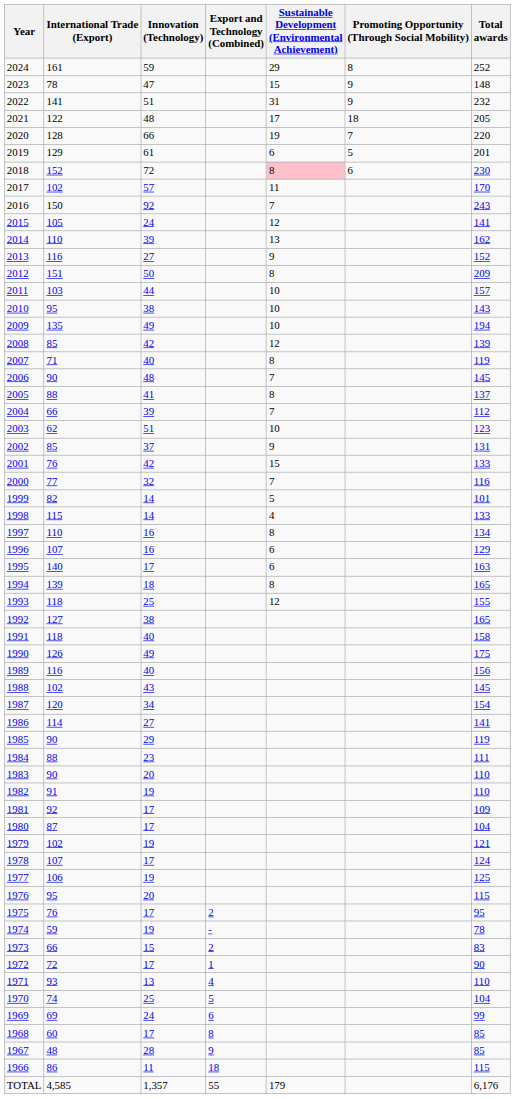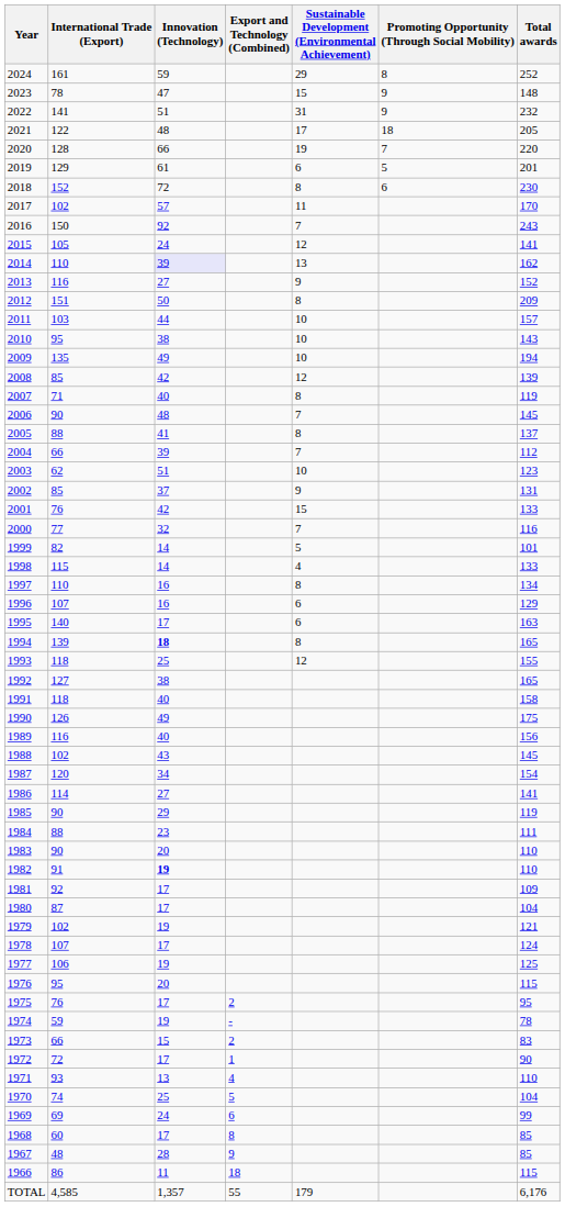 <table class="wikitable">
 <tr>
 <th>Year</th>
 <th Queen's Award for Enterprise: International Trade (Export)>International Trade<br>(Export)</th>
 <th Queen's Award for Enterprise: Innovation (Technology)>Innovation<br>(Technology)</th>
 <th Queen's Award for Enterprise: Export and Technology (Combined)>Export and<br>Technology<br>(Combined)</th>
 <th><a href='#'>Sustainable<br>Development<br>(Environmental<br>Achievement)</a></th>
 <th>Promoting Opportunity<br>(Through Social Mobility)</th>
 <th>Total<br>awards</th>
 </tr>
 <tr>
 <td>2024</td>
 <td>161</td>
 <td>59</td>
 <td></td>
 <td>29</td>
 <td>8</td>
 <td>252</td>
 </tr>
 <tr>
 <td>2023</td>
 <td>78</td>
 <td>47</td>
 <td></td>
 <td>15</td>
 <td>9</td>
 <td>148</td>
 </tr>
 <tr>
 <td>2022</td>
 <td>141</td>
 <td>51</td>
 <td></td>
 <td>31</td>
 <td>9</td>
 <td>232</td>
 </tr>
 <tr>
 <td>2021</td>
 <td>122</td>
 <td>48</td>
 <td></td>
 <td>17</td>
 <td>18</td>
 <td>205</td>
 </tr>
 <tr>
 <td>2020</td>
 <td>128</td>
 <td>66</td>
 <td></td>
 <td>19</td>
 <td>7</td>
 <td>220</td>
 </tr>
 <tr>
 <td>2019</td>
 <td>129</td>
 <td>61</td>
 <td></td>
 <td>6</td>
 <td>5</td>
 <td>201</td>
 </tr>
 <tr>
 <td>2018</td>
 <td><a href='#'>152</a></td>
 <td>72</td>
 <td></td>
-<td style="background: pink;">8</td>
+<td>8</td>
 <td>6</td>
 <td><a href='#'>230</a></td>
 </tr>
 <tr>
 <td>2017</td>
 <td><a href='#'>102</a></td>
 <td><a href='#'>57</a></td>
 <td></td>
 <td>11</td>
 <td></td>
 <td><a href='#'>170</a></td>
 </tr>
 <tr>
 <td>2016</td>
 <td>150</td>
 <td><a href='#'>92</a></td>
 <td></td>
 <td>7</td>
 <td></td>
 <td><a href='#'>243</a></td>
 </tr>
 <tr>
 <td><a href='#'>2015</a></td>
 <td><a href='#'>105</a></td>
 <td><a href='#'>24</a></td>
 <td></td>
 <td>12</td>
 <td></td>
 <td><a href='#'>141</a></td>
 </tr>
 <tr>
 <td><a href='#'>2014</a></td>
 <td><a href='#'>110</a></td>
-<td><a href='#'>39</a></td>
+<td style="background: lavender;"><a href='#'>39</a></td>
 <td></td>
 <td>13</td>
 <td></td>
 <td><a href='#'>162</a></td>
 </tr>
 <tr>
 <td><a href='#'>2013</a></td>
 <td><a href='#'>116</a></td>
 <td><a href='#'>27</a></td>
 <td></td>
 <td>9</td>
 <td></td>
 <td><a href='#'>152</a></td>
 </tr>
 <tr>
 <td><a href='#'>2012</a></td>
 <td><a href='#'>151</a></td>
 <td><a href='#'>50</a></td>
 <td></td>
 <td>8</td>
 <td></td>
 <td><a href='#'>209</a></td>
 </tr>
 <tr>
 <td><a href='#'>2011</a></td>
 <td><a href='#'>103</a></td>
 <td><a href='#'>44</a></td>
 <td></td>
 <td>10</td>
 <td></td>
 <td><a href='#'>157</a></td>
 </tr>
 <tr>
 <td><a href='#'>2010</a></td>
 <td><a href='#'>95</a></td>
 <td><a href='#'>38</a></td>
 <td></td>
 <td>10</td>
 <td></td>
 <td><a href='#'>143</a></td>
 </tr>
 <tr>
 <td><a href='#'>2009</a></td>
 <td><a href='#'>135</a></td>
 <td><a href='#'>49</a></td>
 <td></td>
 <td>10</td>
 <td></td>
 <td><a href='#'>194</a></td>
 </tr>
 <tr>
 <td><a href='#'>2008</a></td>
 <td><a href='#'>85</a></td>
 <td><a href='#'>42</a></td>
 <td></td>
 <td>12</td>
 <td></td>
 <td><a href='#'>139</a></td>
 </tr>
 <tr>
 <td><a href='#'>2007</a></td>
 <td><a href='#'>71</a></td>
 <td><a href='#'>40</a></td>
 <td></td>
 <td>8</td>
 <td></td>
 <td><a href='#'>119</a></td>
 </tr>
 <tr>
 <td><a href='#'>2006</a></td>
 <td><a href='#'>90</a></td>
 <td><a href='#'>48</a></td>
 <td></td>
 <td>7</td>
 <td></td>
 <td><a href='#'>145</a></td>
 </tr>
 <tr>
 <td><a href='#'>2005</a></td>
 <td><a href='#'>88</a></td>
 <td><a href='#'>41</a></td>
 <td></td>
 <td>8</td>
 <td></td>
 <td><a href='#'>137</a></td>
 </tr>
 <tr>
 <td><a href='#'>2004</a></td>
 <td><a href='#'>66</a></td>
 <td><a href='#'>39</a></td>
 <td></td>
 <td>7</td>
 <td></td>
 <td><a href='#'>112</a></td>
 </tr>
 <tr>
 <td><a href='#'>2003</a></td>
 <td><a href='#'>62</a></td>
 <td><a href='#'>51</a></td>
 <td></td>
 <td>10</td>
 <td></td>
 <td><a href='#'>123</a></td>
 </tr>
 <tr>
 <td><a href='#'>2002</a></td>
 <td><a href='#'>85</a></td>
 <td><a href='#'>37</a></td>
 <td></td>
 <td>9</td>
 <td></td>
 <td><a href='#'>131</a></td>
 </tr>
 <tr>
 <td><a href='#'>2001</a></td>
 <td><a href='#'>76</a></td>
 <td><a href='#'>42</a></td>
 <td></td>
 <td>15</td>
 <td></td>
 <td><a href='#'>133</a></td>
 </tr>
 <tr>
 <td><a href='#'>2000</a></td>
 <td><a href='#'>77</a></td>
 <td><a href='#'>32</a></td>
 <td></td>
 <td>7</td>
 <td></td>
 <td><a href='#'>116</a></td>
 </tr>
 <tr>
 <td><a href='#'>1999</a></td>
 <td><a href='#'>82</a></td>
 <td><a href='#'>14</a></td>
 <td></td>
 <td>5</td>
 <td></td>
 <td><a href='#'>101</a></td>
 </tr>
 <tr>
 <td><a href='#'>1998</a></td>
 <td><a href='#'>115</a></td>
 <td><a href='#'>14</a></td>
 <td></td>
 <td>4</td>
 <td></td>
 <td><a href='#'>133</a></td>
 </tr>
 <tr>
 <td><a href='#'>1997</a></td>
 <td><a href='#'>110</a></td>
 <td><a href='#'>16</a></td>
 <td></td>
 <td>8</td>
 <td></td>
 <td><a href='#'>134</a></td>
 </tr>
 <tr>
 <td><a href='#'>1996</a></td>
 <td><a href='#'>107</a></td>
 <td><a href='#'>16</a></td>
 <td></td>
 <td>6</td>
 <td></td>
 <td><a href='#'>129</a></td>
 </tr>
 <tr>
 <td><a href='#'>1995</a></td>
 <td><a href='#'>140</a></td>
 <td><a href='#'>17</a></td>
 <td></td>
 <td>6</td>
 <td></td>
 <td><a href='#'>163</a></td>
 </tr>
 <tr>
 <td><a href='#'>1994</a></td>
 <td><a href='#'>139</a></td>
-<td><a href='#'>18</a></td>
+<td><strong><a href='#'>18</a></strong></td>
 <td></td>
 <td>8</td>
 <td></td>
 <td><a href='#'>165</a></td>
 </tr>
 <tr>
 <td><a href='#'>1993</a></td>
 <td><a href='#'>118</a></td>
 <td><a href='#'>25</a></td>
 <td></td>
 <td>12</td>
 <td></td>
 <td><a href='#'>155</a></td>
 </tr>
 <tr>
 <td><a href='#'>1992</a></td>
 <td><a href='#'>127</a></td>
 <td><a href='#'>38</a></td>
 <td></td>
 <td></td>
 <td></td>
 <td><a href='#'>165</a></td>
 </tr>
 <tr>
 <td><a href='#'>1991</a></td>
 <td><a href='#'>118</a></td>
 <td><a href='#'>40</a></td>
 <td></td>
 <td></td>
 <td></td>
 <td><a href='#'>158</a></td>
 </tr>
 <tr>
 <td><a href='#'>1990</a></td>
 <td><a href='#'>126</a></td>
 <td><a href='#'>49</a></td>
 <td></td>
 <td></td>
 <td></td>
 <td><a href='#'>175</a></td>
 </tr>
 <tr>
 <td><a href='#'>1989</a></td>
 <td><a href='#'>116</a></td>
 <td><a href='#'>40</a></td>
 <td></td>
 <td></td>
 <td></td>
 <td><a href='#'>156</a></td>
 </tr>
 <tr>
 <td><a href='#'>1988</a></td>
 <td><a href='#'>102</a></td>
 <td><a href='#'>43</a></td>
 <td></td>
 <td></td>
 <td></td>
 <td><a href='#'>145</a></td>
 </tr>
 <tr>
 <td><a href='#'>1987</a></td>
 <td><a href='#'>120</a></td>
 <td><a href='#'>34</a></td>
 <td></td>
 <td></td>
 <td></td>
 <td><a href='#'>154</a></td>
 </tr>
 <tr>
 <td><a href='#'>1986</a></td>
 <td><a href='#'>114</a></td>
 <td><a href='#'>27</a></td>
 <td></td>
 <td></td>
 <td></td>
 <td><a href='#'>141</a></td>
 </tr>
 <tr>
 <td><a href='#'>1985</a></td>
 <td><a href='#'>90</a></td>
 <td><a href='#'>29</a></td>
 <td></td>
 <td></td>
 <td></td>
 <td><a href='#'>119</a></td>
 </tr>
 <tr>
 <td><a href='#'>1984</a></td>
 <td><a href='#'>88</a></td>
 <td><a href='#'>23</a></td>
 <td></td>
 <td></td>
 <td></td>
 <td><a href='#'>111</a></td>
 </tr>
 <tr>
 <td><a href='#'>1983</a></td>
 <td><a href='#'>90</a></td>
 <td><a href='#'>20</a></td>
 <td></td>
 <td></td>
 <td></td>
 <td><a href='#'>110</a></td>
 </tr>
 <tr>
 <td><a href='#'>1982</a></td>
 <td><a href='#'>91</a></td>
-<td><a href='#'>19</a></td>
+<td><strong><a href='#'>19</a></strong></td>
 <td></td>
 <td></td>
 <td></td>
 <td><a href='#'>110</a></td>
 </tr>
 <tr>
 <td><a href='#'>1981</a></td>
 <td><a href='#'>92</a></td>
 <td><a href='#'>17</a></td>
 <td></td>
 <td></td>
 <td></td>
 <td><a href='#'>109</a></td>
 </tr>
 <tr>
 <td><a href='#'>1980</a></td>
 <td><a href='#'>87</a></td>
 <td><a href='#'>17</a></td>
 <td></td>
 <td></td>
 <td></td>
 <td><a href='#'>104</a></td>
 </tr>
 <tr>
 <td><a href='#'>1979</a></td>
 <td><a href='#'>102</a></td>
 <td><a href='#'>19</a></td>
 <td></td>
 <td></td>
 <td></td>
 <td><a href='#'>121</a></td>
 </tr>
 <tr>
 <td><a href='#'>1978</a></td>
 <td><a href='#'>107</a></td>
 <td><a href='#'>17</a></td>
 <td></td>
 <td></td>
 <td></td>
 <td><a href='#'>124</a></td>
 </tr>
 <tr>
 <td><a href='#'>1977</a></td>
 <td><a href='#'>106</a></td>
 <td><a href='#'>19</a></td>
 <td></td>
 <td></td>
 <td></td>
 <td><a href='#'>125</a></td>
 </tr>
 <tr>
 <td><a href='#'>1976</a></td>
 <td><a href='#'>95</a></td>
 <td><a href='#'>20</a></td>
 <td></td>
 <td></td>
 <td></td>
 <td><a href='#'>115</a></td>
 </tr>
 <tr>
 <td><a href='#'>1975</a></td>
 <td><a href='#'>76</a></td>
 <td><a href='#'>17</a></td>
 <td><a href='#'>2</a></td>
 <td></td>
 <td></td>
 <td><a href='#'>95</a></td>
 </tr>
 <tr>
 <td><a href='#'>1974</a></td>
 <td><a href='#'>59</a></td>
 <td><a href='#'>19</a></td>
 <td><a href='#'>-</a></td>
 <td></td>
 <td></td>
 <td><a href='#'>78</a></td>
 </tr>
 <tr>
 <td><a href='#'>1973</a></td>
 <td><a href='#'>66</a></td>
 <td><a href='#'>15</a></td>
 <td><a href='#'>2</a></td>
 <td></td>
 <td></td>
 <td><a href='#'>83</a></td>
 </tr>
 <tr>
 <td><a href='#'>1972</a></td>
 <td><a href='#'>72</a></td>
 <td><a href='#'>17</a></td>
 <td><a href='#'>1</a></td>
 <td></td>
 <td></td>
 <td><a href='#'>90</a></td>
 </tr>
 <tr>
 <td><a href='#'>1971</a></td>
 <td><a href='#'>93</a></td>
 <td><a href='#'>13</a></td>
 <td><a href='#'>4</a></td>
 <td></td>
 <td></td>
 <td><a href='#'>110</a></td>
 </tr>
 <tr>
 <td><a href='#'>1970</a></td>
 <td><a href='#'>74</a></td>
 <td><a href='#'>25</a></td>
 <td><a href='#'>5</a></td>
 <td></td>
 <td></td>
 <td><a href='#'>104</a></td>
 </tr>
 <tr>
 <td><a href='#'>1969</a></td>
 <td><a href='#'>69</a></td>
 <td><a href='#'>24</a></td>
 <td><a href='#'>6</a></td>
 <td></td>
 <td></td>
 <td><a href='#'>99</a></td>
 </tr>
 <tr>
 <td><a href='#'>1968</a></td>
 <td><a href='#'>60</a></td>
 <td><a href='#'>17</a></td>
 <td><a href='#'>8</a></td>
 <td></td>
 <td></td>
 <td><a href='#'>85</a></td>
 </tr>
 <tr>
 <td><a href='#'>1967</a></td>
 <td><a href='#'>48</a></td>
 <td><a href='#'>28</a></td>
 <td><a href='#'>9</a></td>
 <td></td>
 <td></td>
 <td><a href='#'>85</a></td>
 </tr>
 <tr>
 <td><a href='#'>1966</a></td>
 <td><a href='#'>86</a></td>
 <td><a href='#'>11</a></td>
 <td><a href='#'>18</a></td>
 <td></td>
 <td></td>
 <td><a href='#'>115</a></td>
 </tr>
 <tr>
 <td>TOTAL</td>
 <td>4,585</td>
 <td>1,357</td>
 <td>55</td>
 <td>179</td>
 <td></td>
 <td>6,176</td>
 </tr>
 </table>
